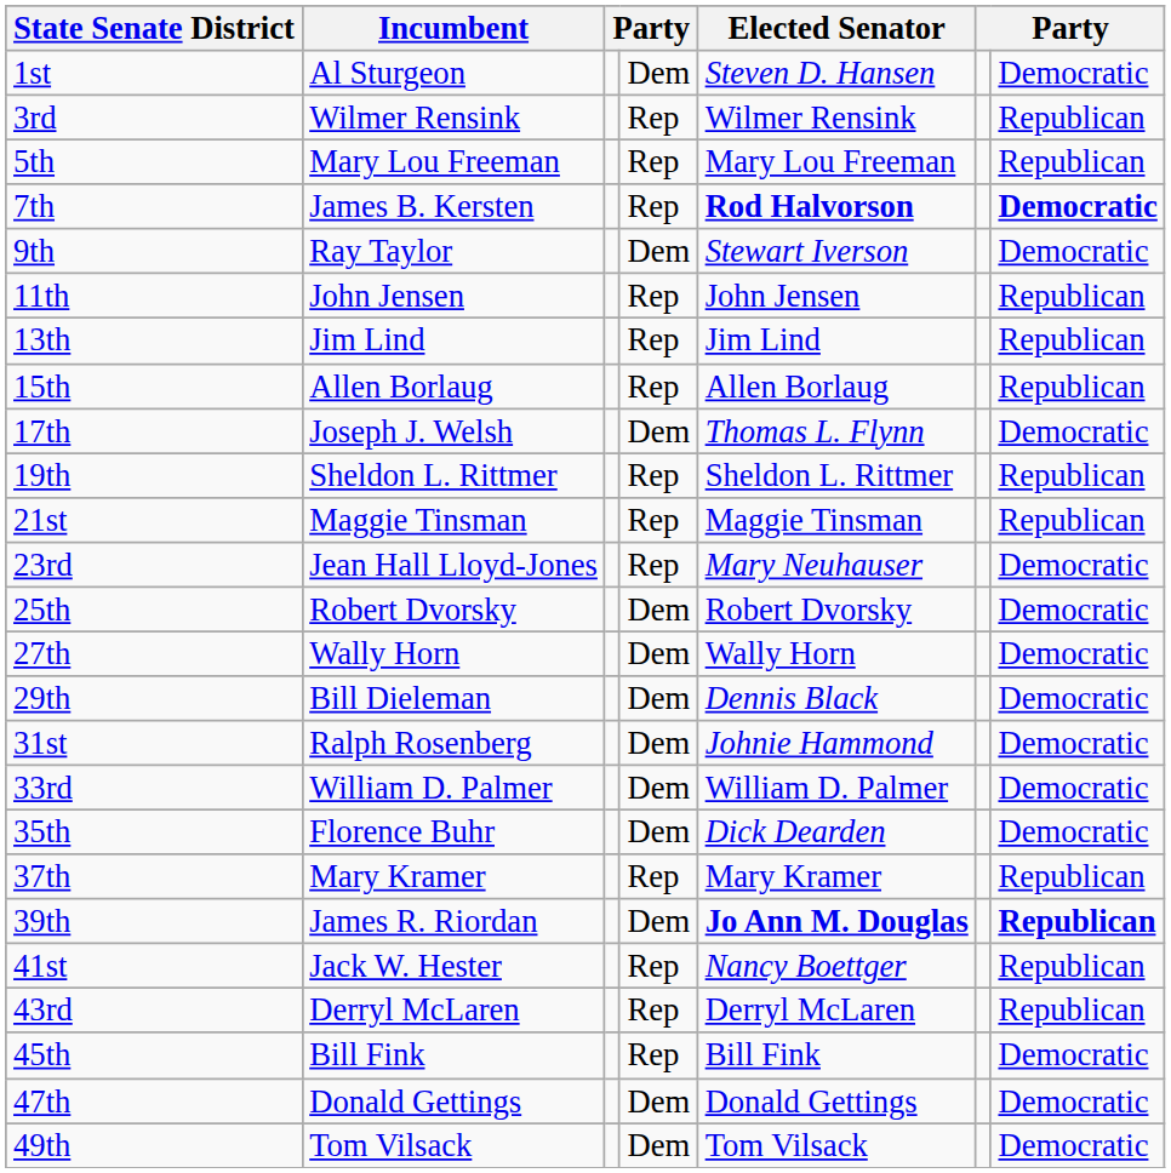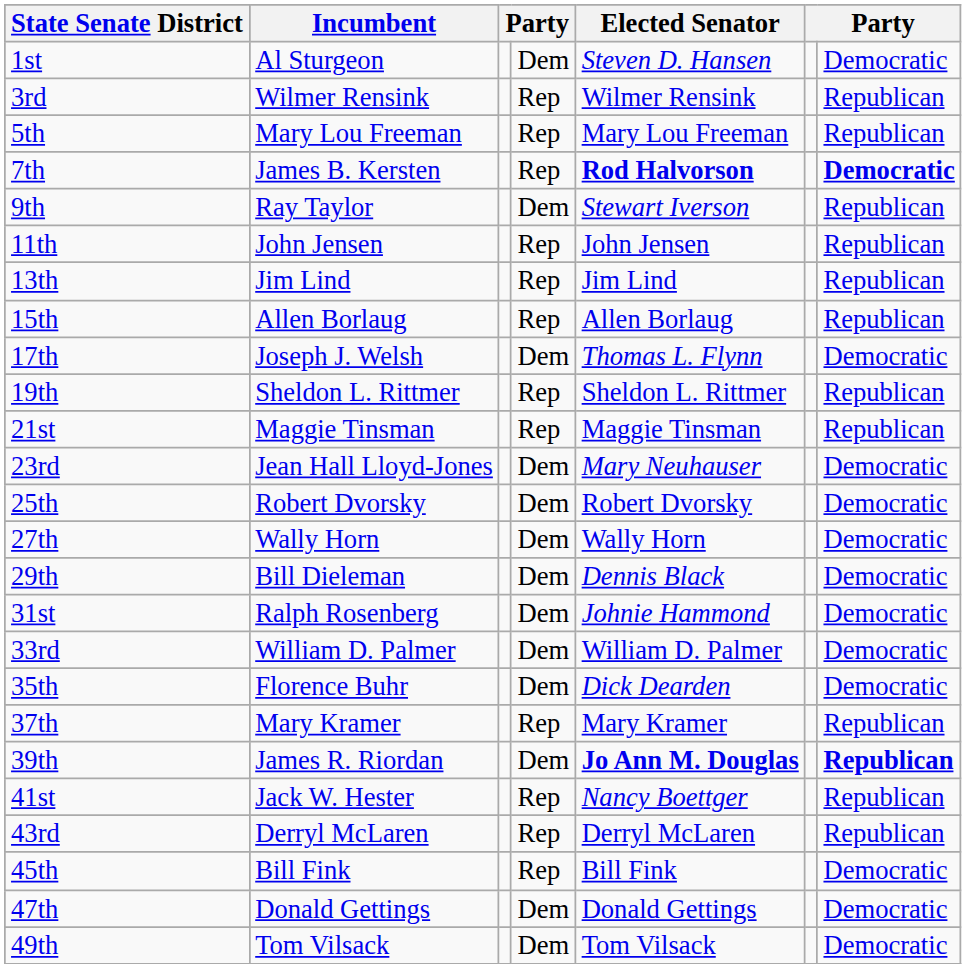 <table class="sortable wikitable" style="font-size:95%;line-height:14px;">
 <tr>
 <th class="unsortable"><a href='#'>State Senate</a> District</th>
 <th class="unsortable"><a href='#'>Incumbent</a></th>
 <th colspan="2">Party</th>
 <th class="unsortable">Elected Senator</th>
 <th colspan="2">Party</th>
 </tr>
 <tr>
 <td><a href='#'>1st</a></td>
 <td><a href='#'>Al Sturgeon</a></td>
 <td style="background:"></td>
 <td>Dem</td>
 <td><em><a href='#'>Steven D. Hansen</a></em></td>
 <td style="background:"></td>
 <td><a href='#'>Democratic</a></td>
 </tr>
 <tr>
 <td><a href='#'>3rd</a></td>
 <td><a href='#'>Wilmer Rensink</a></td>
 <td style="background:"></td>
 <td>Rep</td>
 <td><a href='#'>Wilmer Rensink</a></td>
 <td style="background:"></td>
 <td><a href='#'>Republican</a></td>
 </tr>
 <tr>
 <td><a href='#'>5th</a></td>
 <td><a href='#'>Mary Lou Freeman</a></td>
 <td style="background:"></td>
 <td>Rep</td>
 <td><a href='#'>Mary Lou Freeman</a></td>
 <td style="background:"></td>
 <td><a href='#'>Republican</a></td>
 </tr>
 <tr>
 <td><a href='#'>7th</a></td>
 <td><a href='#'>James B. Kersten</a></td>
 <td style="background:"></td>
 <td>Rep</td>
 <td><strong><a href='#'>Rod Halvorson</a></strong></td>
 <td style="background:"></td>
 <td><strong><a href='#'>Democratic</a></strong></td>
 </tr>
 <tr>
 <td><a href='#'>9th</a></td>
 <td><a href='#'>Ray Taylor</a></td>
 <td style="background:"></td>
 <td>Dem</td>
 <td><em><a href='#'>Stewart Iverson</a></em></td>
 <td style="background:"></td>
-<td><a href='#'>Democratic</a></td>
+<td><a href='#'>Republican</a></td>
 </tr>
 <tr>
 <td><a href='#'>11th</a></td>
 <td><a href='#'>John Jensen</a></td>
 <td style="background:"></td>
 <td>Rep</td>
 <td><a href='#'>John Jensen</a></td>
 <td style="background:"></td>
 <td><a href='#'>Republican</a></td>
 </tr>
 <tr>
 <td><a href='#'>13th</a></td>
 <td><a href='#'>Jim Lind</a></td>
 <td style="background:"></td>
 <td>Rep</td>
 <td><a href='#'>Jim Lind</a></td>
 <td style="background:"></td>
 <td><a href='#'>Republican</a></td>
 </tr>
 <tr>
 <td><a href='#'>15th</a></td>
 <td><a href='#'>Allen Borlaug</a></td>
 <td style="background:"></td>
 <td>Rep</td>
 <td><a href='#'>Allen Borlaug</a></td>
 <td style="background:"></td>
 <td><a href='#'>Republican</a></td>
 </tr>
 <tr>
 <td><a href='#'>17th</a></td>
 <td><a href='#'>Joseph J. Welsh</a></td>
 <td style="background:"></td>
 <td>Dem</td>
 <td><em><a href='#'>Thomas L. Flynn</a></em></td>
 <td style="background:"></td>
 <td><a href='#'>Democratic</a></td>
 </tr>
 <tr>
 <td><a href='#'>19th</a></td>
 <td><a href='#'>Sheldon L. Rittmer</a></td>
 <td style="background:"></td>
 <td>Rep</td>
 <td><a href='#'>Sheldon L. Rittmer</a></td>
 <td style="background:"></td>
 <td><a href='#'>Republican</a></td>
 </tr>
 <tr>
 <td><a href='#'>21st</a></td>
 <td><a href='#'>Maggie Tinsman</a></td>
 <td style="background:"></td>
 <td>Rep</td>
 <td><a href='#'>Maggie Tinsman</a></td>
 <td style="background:"></td>
 <td><a href='#'>Republican</a></td>
 </tr>
 <tr>
 <td><a href='#'>23rd</a></td>
 <td><a href='#'>Jean Hall Lloyd-Jones</a></td>
 <td style="background:"></td>
-<td>Rep</td>
+<td>Dem</td>
 <td><em><a href='#'>Mary Neuhauser</a></em></td>
 <td style="background:"></td>
 <td><a href='#'>Democratic</a></td>
 </tr>
 <tr>
 <td><a href='#'>25th</a></td>
 <td><a href='#'>Robert Dvorsky</a></td>
 <td style="background:"></td>
 <td>Dem</td>
 <td><a href='#'>Robert Dvorsky</a></td>
 <td style="background:"></td>
 <td><a href='#'>Democratic</a></td>
 </tr>
 <tr>
 <td><a href='#'>27th</a></td>
 <td><a href='#'>Wally Horn</a></td>
 <td style="background:"></td>
 <td>Dem</td>
 <td><a href='#'>Wally Horn</a></td>
 <td style="background:"></td>
 <td><a href='#'>Democratic</a></td>
 </tr>
 <tr>
 <td><a href='#'>29th</a></td>
 <td><a href='#'>Bill Dieleman</a></td>
 <td style="background:"></td>
 <td>Dem</td>
 <td><em><a href='#'>Dennis Black</a></em></td>
 <td style="background:"></td>
 <td><a href='#'>Democratic</a></td>
 </tr>
 <tr>
 <td><a href='#'>31st</a></td>
 <td><a href='#'>Ralph Rosenberg</a></td>
 <td style="background:"></td>
 <td>Dem</td>
 <td><em><a href='#'>Johnie Hammond</a></em></td>
 <td style="background:"></td>
 <td><a href='#'>Democratic</a></td>
 </tr>
 <tr>
 <td><a href='#'>33rd</a></td>
 <td><a href='#'>William D. Palmer</a></td>
 <td style="background:"></td>
 <td>Dem</td>
 <td><a href='#'>William D. Palmer</a></td>
 <td style="background:"></td>
 <td><a href='#'>Democratic</a></td>
 </tr>
 <tr>
 <td><a href='#'>35th</a></td>
 <td><a href='#'>Florence Buhr</a></td>
 <td style="background:"></td>
 <td>Dem</td>
 <td><em><a href='#'>Dick Dearden</a></em></td>
 <td style="background:"></td>
 <td><a href='#'>Democratic</a></td>
 </tr>
 <tr>
 <td><a href='#'>37th</a></td>
 <td><a href='#'>Mary Kramer</a></td>
 <td style="background:"></td>
 <td>Rep</td>
 <td><a href='#'>Mary Kramer</a></td>
 <td style="background:"></td>
 <td><a href='#'>Republican</a></td>
 </tr>
 <tr>
 <td><a href='#'>39th</a></td>
 <td><a href='#'>James R. Riordan</a></td>
 <td style="background:"></td>
 <td>Dem</td>
 <td><strong><a href='#'>Jo Ann M. Douglas</a></strong></td>
 <td style="background:"></td>
 <td><strong><a href='#'>Republican</a></strong></td>
 </tr>
 <tr>
 <td><a href='#'>41st</a></td>
 <td><a href='#'>Jack W. Hester</a></td>
 <td style="background:"></td>
 <td>Rep</td>
 <td><em><a href='#'>Nancy Boettger</a></em></td>
 <td style="background:"></td>
 <td><a href='#'>Republican</a></td>
 </tr>
 <tr>
 <td><a href='#'>43rd</a></td>
 <td><a href='#'>Derryl McLaren</a></td>
 <td style="background:"></td>
 <td>Rep</td>
 <td><a href='#'>Derryl McLaren</a></td>
 <td style="background:"></td>
 <td><a href='#'>Republican</a></td>
 </tr>
 <tr>
 <td><a href='#'>45th</a></td>
 <td><a href='#'>Bill Fink</a></td>
 <td style="background:"></td>
 <td>Rep</td>
 <td><a href='#'>Bill Fink</a></td>
 <td style="background:"></td>
 <td><a href='#'>Democratic</a></td>
 </tr>
 <tr>
 <td><a href='#'>47th</a></td>
 <td><a href='#'>Donald Gettings</a></td>
 <td style="background:"></td>
 <td>Dem</td>
 <td><a href='#'>Donald Gettings</a></td>
 <td style="background:"></td>
 <td><a href='#'>Democratic</a></td>
 </tr>
 <tr>
 <td><a href='#'>49th</a></td>
 <td><a href='#'>Tom Vilsack</a></td>
 <td style="background:"></td>
 <td>Dem</td>
 <td><a href='#'>Tom Vilsack</a></td>
 <td style="background:"></td>
 <td><a href='#'>Democratic</a></td>
 </tr>
 <tr>
 </tr>
 </table>
